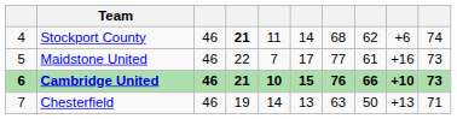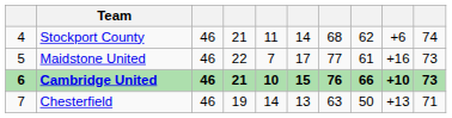 <table class="wikitable" style="text-align:center">
 <tr>
 <th width="30"></th>
 <th width="175">Team</th>
 <th width="30"></th>
 <th width="30"></th>
 <th width="30"></th>
 <th width="30"></th>
 <th width="30"></th>
 <th width="30"></th>
 <th width="30"></th>
 <th width="30"></th>
 </tr>
 <tr>
 <td>4</td>
 <td align=left><a href='#'>Stockport County</a></td>
 <td>46</td>
-<td><strong>21</strong></td>
+<td>21</td>
 <td>11</td>
 <td>14</td>
 <td>68</td>
 <td>62</td>
 <td>+6</td>
 <td>74</td>
 </tr>
 <tr>
 <td>5</td>
 <td align=left><a href='#'>Maidstone United</a></td>
 <td>46</td>
 <td>22</td>
 <td>7</td>
 <td>17</td>
 <td>77</td>
 <td>61</td>
 <td>+16</td>
 <td>73</td>
 </tr>
 <tr bgcolor=#ADDFAD>
 <td><strong>6</strong></td>
 <td align=left><strong><a href='#'>Cambridge United</a></strong></td>
 <td><strong>46</strong></td>
 <td><strong>21</strong></td>
 <td><strong>10</strong></td>
 <td><strong>15</strong></td>
 <td><strong>76</strong></td>
 <td><strong>66</strong></td>
 <td><strong>+10</strong></td>
 <td><strong>73</strong></td>
 </tr>
 <tr>
 <td>7</td>
 <td align=left><a href='#'>Chesterfield</a></td>
 <td>46</td>
 <td>19</td>
 <td>14</td>
 <td>13</td>
 <td>63</td>
 <td>50</td>
 <td>+13</td>
 <td>71</td>
 </tr>
 </table>
